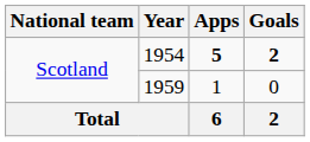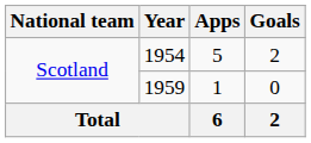 <table class="wikitable" style="text-align:center">
 <tr>
 <th>National team</th>
 <th>Year</th>
 <th>Apps</th>
 <th>Goals</th>
 </tr>
 <tr>
 <td rowspan="2"><a href='#'>Scotland</a></td>
 <td>1954</td>
-<td><strong>5</strong></td>
-<td><strong>2</strong></td>
+<td>5</td>
+<td>2</td>
 </tr>
 <tr>
 <td>1959</td>
 <td>1</td>
 <td>0</td>
 </tr>
 <tr>
 <th colspan="2">Total</th>
 <th>6</th>
 <th>2</th>
 </tr>
 </table>
